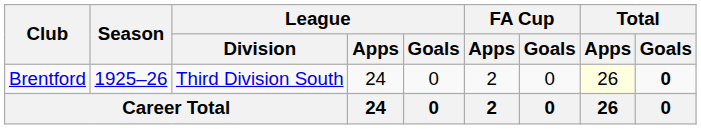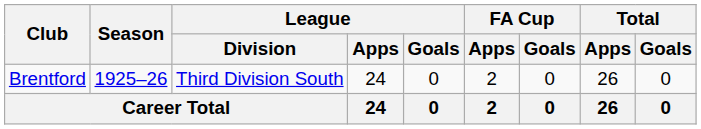 <table class="wikitable" style="text-align: center;">
 <tr>
 <th rowspan="2">Club</th>
 <th rowspan="2">Season</th>
 <th colspan="3">League</th>
 <th colspan="2">FA Cup</th>
 <th colspan="2">Total</th>
 </tr>
 <tr>
 <th>Division</th>
 <th>Apps</th>
 <th>Goals</th>
 <th>Apps</th>
 <th>Goals</th>
 <th>Apps</th>
 <th>Goals</th>
 </tr>
 <tr>
 <td><a href='#'>Brentford</a></td>
 <td><a href='#'>1925–26</a></td>
 <td><a href='#'>Third Division South</a></td>
 <td>24</td>
 <td>0</td>
 <td>2</td>
 <td>0</td>
-<td style="background: lightyellow;">26</td>
-<td><strong>0</strong></td>
+<td>26</td>
+<td>0</td>
 </tr>
 <tr>
 <th colspan="3">Career Total</th>
 <th>24</th>
 <th>0</th>
 <th>2</th>
 <th>0</th>
 <th>26</th>
 <th>0</th>
 </tr>
 </table>
